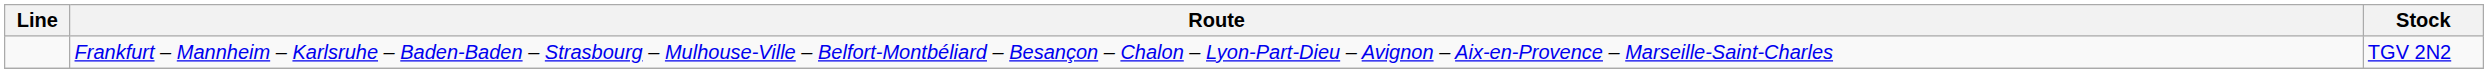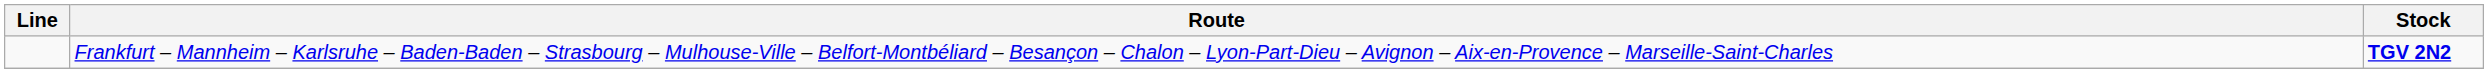 <table class="wikitable" width="100%">
 <tr class="hintergrundfarbe5">
 <th>Line</th>
 <th>Route</th>
 <th>Stock</th>
 </tr>
 <tr>
 <td></td>
 <td><em><a href='#'>Frankfurt</a> – <a href='#'>Mannheim</a> – <a href='#'>Karlsruhe</a> – <a href='#'>Baden-Baden</a> – <a href='#'>Strasbourg</a> – <a href='#'>Mulhouse-Ville</a> – <a href='#'>Belfort-Montbéliard</a> – <a href='#'>Besançon</a> – <a href='#'>Chalon</a> – <a href='#'>Lyon-Part-Dieu</a> – <a href='#'>Avignon</a> – <a href='#'>Aix-en-Provence</a> – <a href='#'>Marseille-Saint-Charles</a></em></td>
-<td><a href='#'>TGV 2N2</a></td>
+<td><strong><a href='#'>TGV 2N2</a></strong></td>
 </tr>
 <tr>
 </tr>
 </table>
